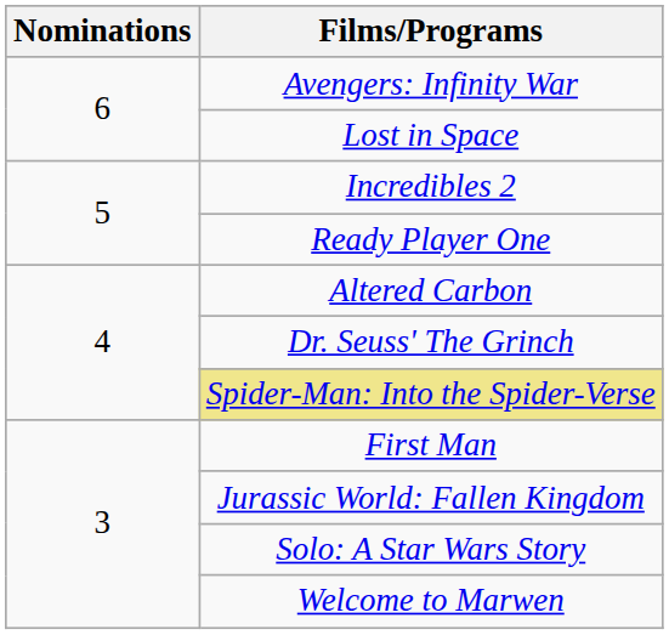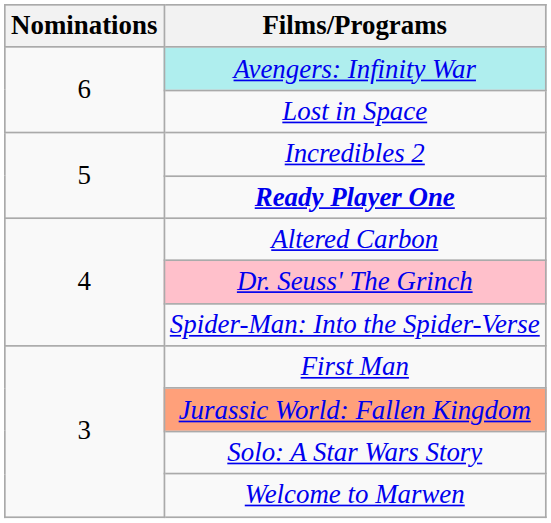 <table class="wikitable" style="text-align: center;">
 <tr>
 <th scope="col" width="55">Nominations</th>
 <th scope="col" align="center">Films/Programs</th>
 </tr>
 <tr>
 <td rowspan=2 style="text-align:center">6</td>
-<td><em><a href='#'>Avengers: Infinity War</a></em></td>
+<td style="background: paleturquoise;"><em><a href='#'>Avengers: Infinity War</a></em></td>
 </tr>
 <tr>
 <td><em><a href='#'>Lost in Space</a></em></td>
 </tr>
 <tr>
 <td rowspan=2 style="text-align:center">5</td>
 <td><em><a href='#'>Incredibles 2</a></em></td>
 </tr>
 <tr>
-<td><em><a href='#'>Ready Player One</a></em></td>
+<td><strong><em><a href='#'>Ready Player One</a></em></strong></td>
 </tr>
 <tr>
 <td rowspan=3 style="text-align:center">4</td>
 <td><em><a href='#'>Altered Carbon</a></em></td>
 </tr>
 <tr>
-<td><em><a href='#'>Dr. Seuss' The Grinch</a></em></td>
+<td style="background: pink;"><em><a href='#'>Dr. Seuss' The Grinch</a></em></td>
 </tr>
 <tr>
-<td style="background: khaki;"><em><a href='#'>Spider-Man: Into the Spider-Verse</a></em></td>
+<td><em><a href='#'>Spider-Man: Into the Spider-Verse</a></em></td>
 </tr>
 <tr>
 <td rowspan=4 style="text-align:center">3</td>
 <td><em><a href='#'>First Man</a></em></td>
 </tr>
 <tr>
-<td><em><a href='#'>Jurassic World: Fallen Kingdom</a></em></td>
+<td style="background: lightsalmon;"><em><a href='#'>Jurassic World: Fallen Kingdom</a></em></td>
 </tr>
 <tr>
 <td><em><a href='#'>Solo: A Star Wars Story</a></em></td>
 </tr>
 <tr>
 <td><em><a href='#'>Welcome to Marwen</a></em></td>
 </tr>
 </table>
